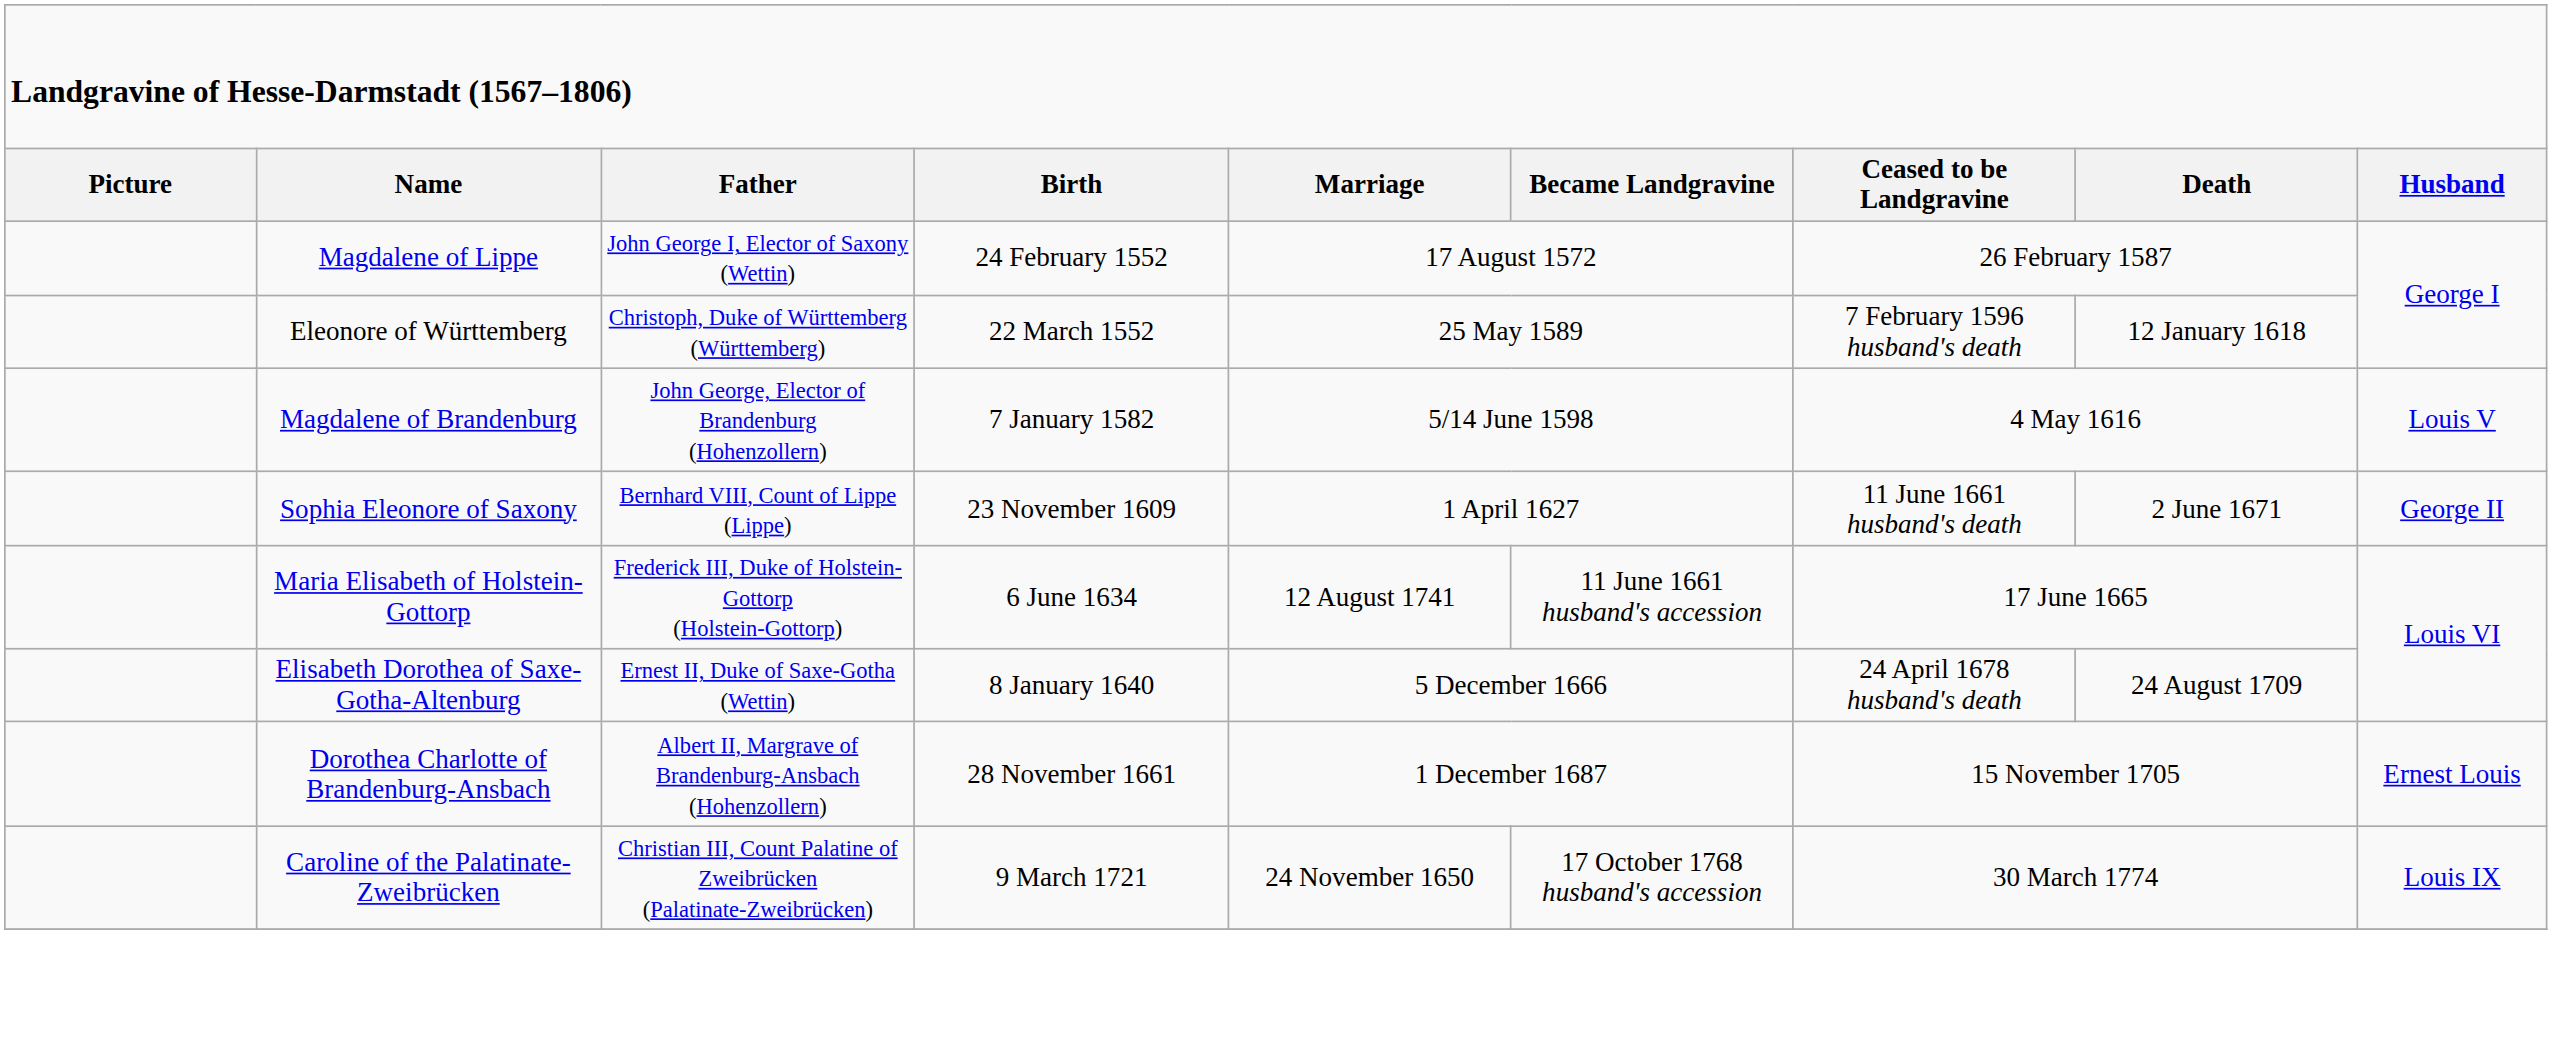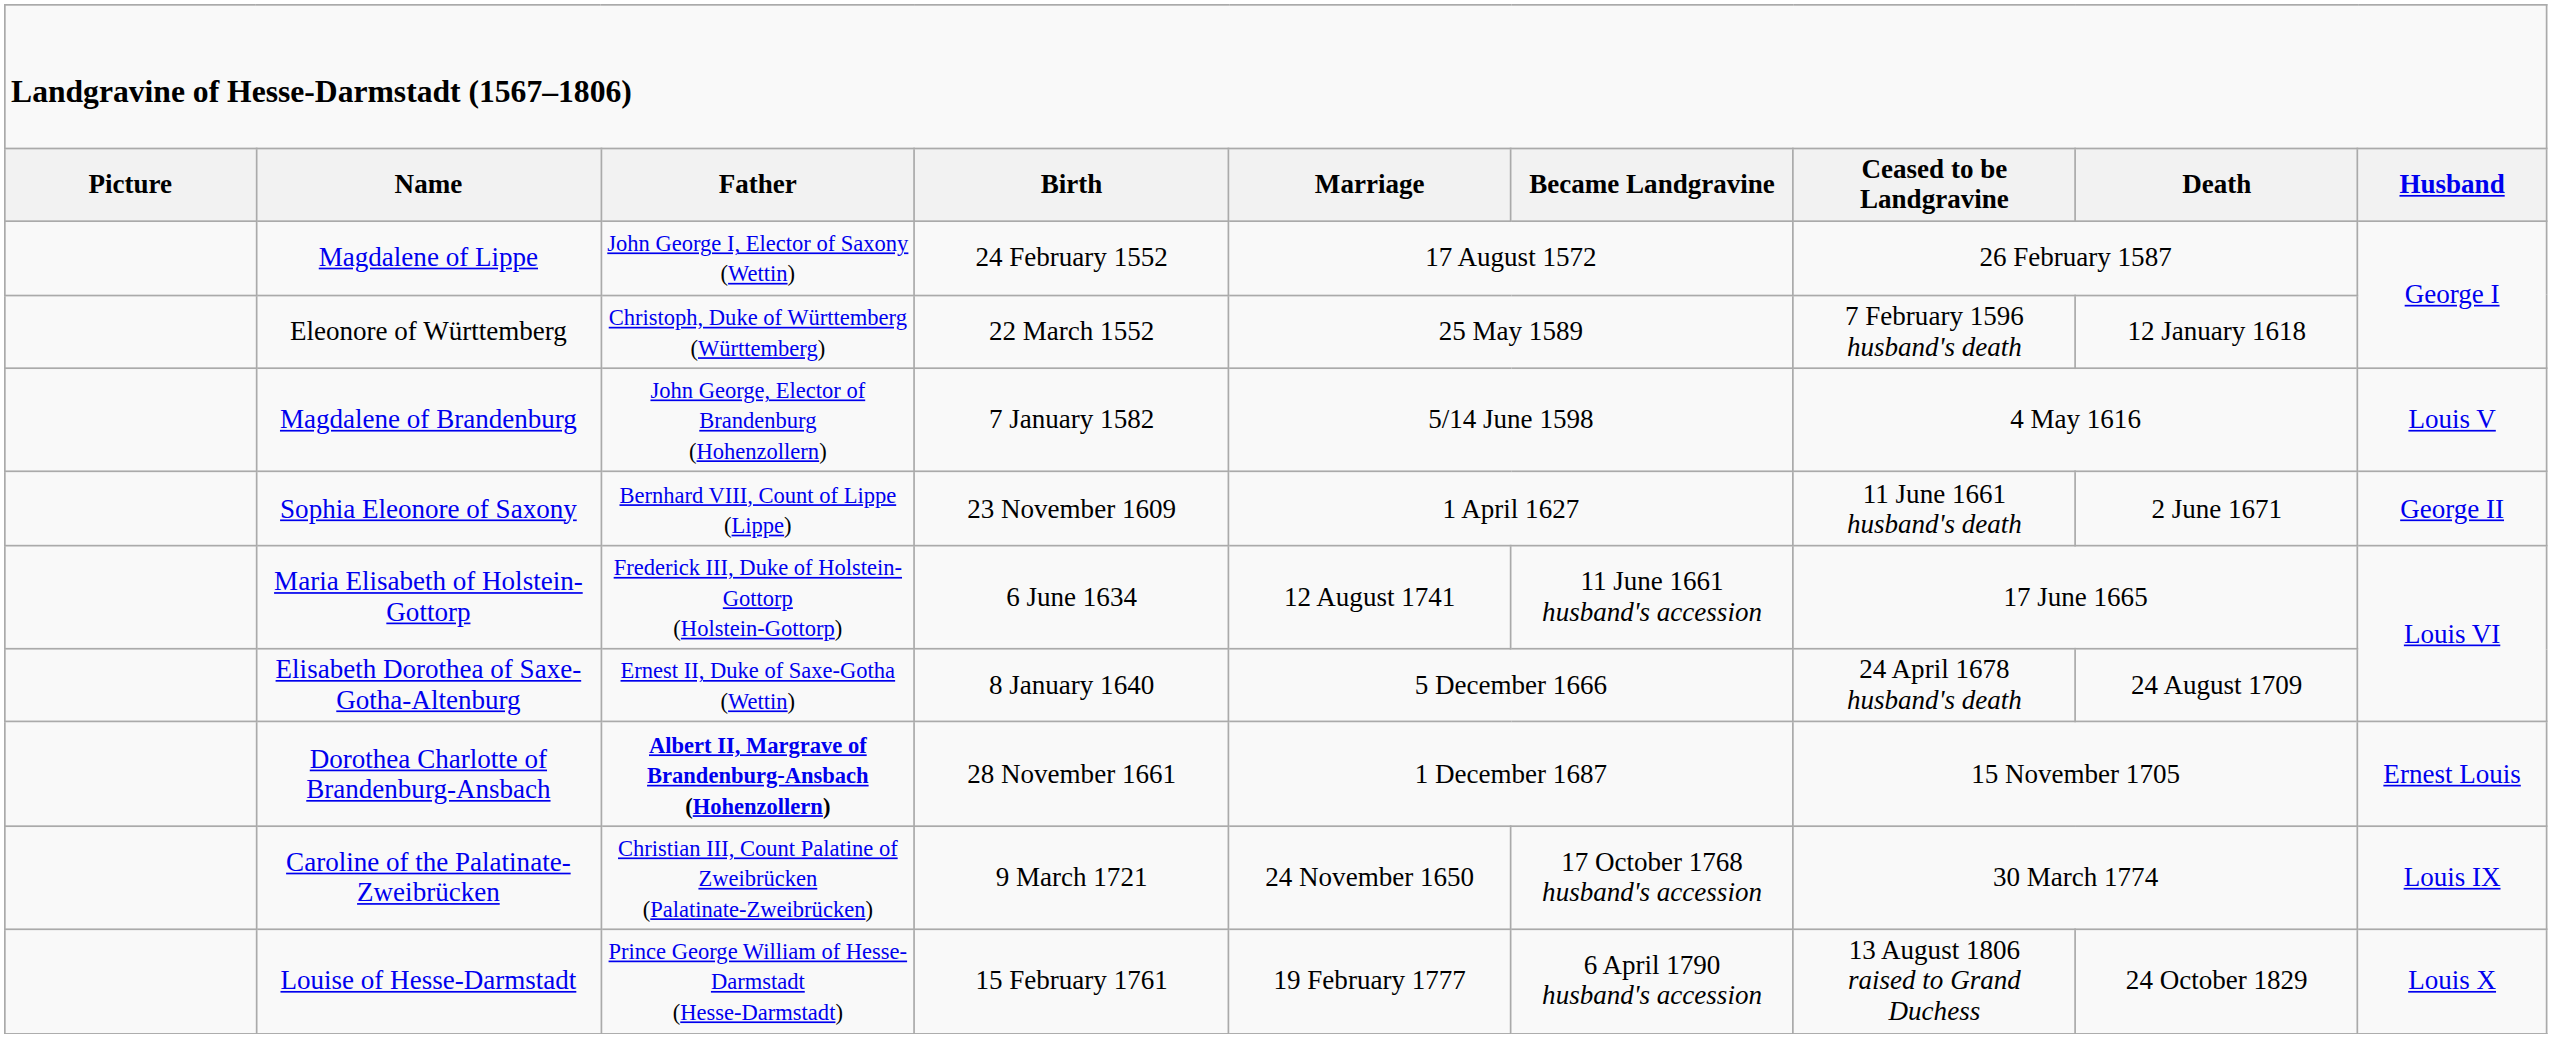 <table width=95% class="wikitable">
 <tr>
 <td colspan="9"><br><h3>Landgravine of Hesse-Darmstadt (1567–1806)</h3></td>
 </tr>
 <tr>
 <th width = "8%">Picture</th>
 <th width = "11%">Name</th>
 <th width = "10%">Father</th>
 <th width = "10%">Birth</th>
 <th width = "9%">Marriage</th>
 <th width = "9%">Became Landgravine</th>
 <th width = "9%">Ceased to be Landgravine</th>
 <th width = "9%">Death</th>
 <th width = "6%"><a href='#'>Husband</a></th>
 </tr>
 <tr>
 <td align="center"></td>
 <td align="center"><a href='#'>Magdalene of Lippe</a></td>
 <td align="center"><small><a href='#'>John George I, Elector of Saxony</a><br>(<a href='#'>Wettin</a>)</small></td>
 <td align="center">24 February 1552</td>
 <td align="center" colspan="2">17 August 1572</td>
 <td align="center" colspan="2">26 February 1587</td>
 <td align="center" rowspan="2"><a href='#'>George I</a></td>
 </tr>
 <tr>
 <td align="center"></td>
 <td align="center">Eleonore of Württemberg</td>
 <td align="center"><small><a href='#'>Christoph, Duke of Württemberg</a><br>(<a href='#'>Württemberg</a>)</small></td>
 <td align="center">22 March 1552</td>
 <td align="center" colspan="2">25 May 1589</td>
 <td align="center">7 February 1596<br><em>husband's death</em></td>
 <td align="center">12 January 1618</td>
 </tr>
 <tr>
 <td align="center"></td>
 <td align="center"><a href='#'>Magdalene of Brandenburg</a></td>
 <td align="center"><small><a href='#'>John George, Elector of Brandenburg</a><br>(<a href='#'>Hohenzollern</a>)</small></td>
 <td align="center">7 January 1582</td>
 <td align="center" colspan="2">5/14 June 1598</td>
 <td align="center" colspan="2">4 May 1616</td>
 <td align="center"><a href='#'>Louis V</a></td>
 </tr>
 <tr>
 <td align="center"></td>
 <td align="center"><a href='#'>Sophia Eleonore of Saxony</a></td>
 <td align="center"><small><a href='#'>Bernhard VIII, Count of Lippe</a><br>(<a href='#'>Lippe</a>)</small></td>
 <td align="center">23 November 1609</td>
 <td align="center" colspan="2">1 April 1627</td>
 <td align="center">11 June 1661<br><em>husband's death</em></td>
 <td align="center">2 June 1671</td>
 <td align="center"><a href='#'>George II</a></td>
 </tr>
 <tr>
 <td align="center"></td>
 <td align="center"><a href='#'>Maria Elisabeth of Holstein-Gottorp</a></td>
 <td align="center"><small><a href='#'>Frederick III, Duke of Holstein-Gottorp</a><br>(<a href='#'>Holstein-Gottorp</a>)</small></td>
 <td align="center">6 June 1634</td>
 <td align="center">12 August 1741</td>
 <td align="center">11 June 1661<br><em>husband's accession</em></td>
 <td align="center" colspan="2">17 June 1665</td>
 <td align="center" rowspan="2"><a href='#'>Louis VI</a></td>
 </tr>
 <tr>
 <td align="center"></td>
 <td align="center"><a href='#'>Elisabeth Dorothea of Saxe-Gotha-Altenburg</a></td>
 <td align="center"><small><a href='#'>Ernest II, Duke of Saxe-Gotha</a><br>(<a href='#'>Wettin</a>)</small></td>
 <td align="center">8 January 1640</td>
 <td align="center" colspan="2">5 December 1666</td>
 <td align="center">24 April 1678<br><em>husband's death</em></td>
 <td align="center">24 August 1709</td>
 </tr>
 <tr>
 <td align="center"></td>
 <td align="center"><a href='#'>Dorothea Charlotte of Brandenburg-Ansbach</a></td>
-<td align="center"><small><a href='#'>Albert II, Margrave of Brandenburg-Ansbach</a><br>(<a href='#'>Hohenzollern</a>)</small></td>
+<td align="center"><strong><small><a href='#'>Albert II, Margrave of Brandenburg-Ansbach</a><br>(<a href='#'>Hohenzollern</a>)</small></strong></td>
 <td align="center">28 November 1661</td>
 <td align="center" colspan="2">1 December 1687</td>
 <td align="center" colspan="2">15 November 1705</td>
 <td align="center"><a href='#'>Ernest Louis</a></td>
 </tr>
 <tr>
 <td align="center"></td>
 <td align="center"><a href='#'>Caroline of the Palatinate-Zweibrücken</a></td>
 <td align="center"><small><a href='#'>Christian III, Count Palatine of Zweibrücken</a><br>(<a href='#'>Palatinate-Zweibrücken</a>)</small></td>
 <td align="center">9 March 1721</td>
 <td align="center">24 November 1650</td>
 <td align="center">17 October 1768<br><em>husband's accession</em></td>
 <td align="center" colspan="2">30 March 1774</td>
 <td align="center"><a href='#'>Louis IX</a></td>
 </tr>
 <tr>
+<td align="center"></td>
+<td align="center"><a href='#'>Louise of Hesse-Darmstadt</a></td>
+<td align="center"><small><a href='#'>Prince George William of Hesse-Darmstadt</a><br>(<a href='#'>Hesse-Darmstadt</a>)</small></td>
+<td align="center">15 February 1761</td>
+<td align="center">19 February 1777</td>
+<td align="center">6 April 1790<br><em>husband's accession</em></td>
+<td align="center">13 August 1806<br><em>raised to Grand Duchess</em></td>
+<td align="center">24 October 1829</td>
+<td align="center"><a href='#'>Louis X</a></td>
+</tr>
+<tr>
 </tr>
 </table>
